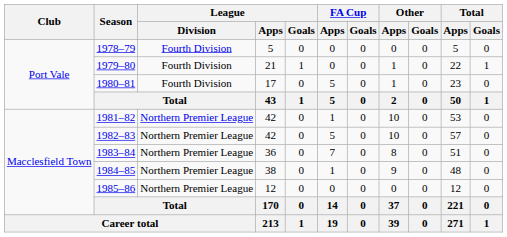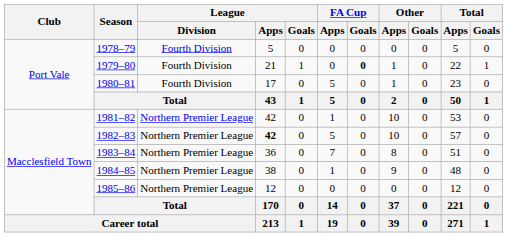 <table class="wikitable" style="text-align:center">
 <tr>
 <th rowspan="2">Club</th>
 <th rowspan="2">Season</th>
 <th colspan="3">League</th>
 <th colspan="2"><a href='#'>FA Cup</a></th>
 <th colspan="2">Other</th>
 <th colspan="2">Total</th>
 </tr>
 <tr>
 <th>Division</th>
 <th>Apps</th>
 <th>Goals</th>
 <th>Apps</th>
 <th>Goals</th>
 <th>Apps</th>
 <th>Goals</th>
 <th>Apps</th>
 <th>Goals</th>
 </tr>
 <tr>
 <td rowspan="4"><a href='#'>Port Vale</a></td>
 <td><a href='#'>1978–79</a></td>
 <td><a href='#'>Fourth Division</a></td>
 <td>5</td>
 <td>0</td>
 <td>0</td>
 <td>0</td>
 <td>0</td>
 <td>0</td>
 <td>5</td>
 <td>0</td>
 </tr>
 <tr>
 <td><a href='#'>1979–80</a></td>
 <td>Fourth Division</td>
 <td>21</td>
 <td>1</td>
 <td>0</td>
-<td>0</td>
+<td><strong>0</strong></td>
 <td>1</td>
 <td>0</td>
 <td>22</td>
 <td>1</td>
 </tr>
 <tr>
 <td><a href='#'>1980–81</a></td>
 <td>Fourth Division</td>
 <td>17</td>
 <td>0</td>
 <td>5</td>
 <td>0</td>
 <td>1</td>
 <td>0</td>
 <td>23</td>
 <td>0</td>
 </tr>
 <tr>
 <th colspan="2">Total</th>
 <th>43</th>
 <th>1</th>
 <th>5</th>
 <th>0</th>
 <th>2</th>
 <th>0</th>
 <th>50</th>
 <th>1</th>
 </tr>
 <tr>
 <td rowspan="6"><a href='#'>Macclesfield Town</a></td>
 <td><a href='#'>1981–82</a></td>
 <td><a href='#'>Northern Premier League</a></td>
 <td>42</td>
 <td>0</td>
 <td>1</td>
 <td>0</td>
 <td>10</td>
 <td>0</td>
 <td>53</td>
 <td>0</td>
 </tr>
 <tr>
 <td><a href='#'>1982–83</a></td>
 <td>Northern Premier League</td>
-<td>42</td>
+<td><strong>42</strong></td>
 <td>0</td>
 <td>5</td>
 <td>0</td>
 <td>10</td>
 <td>0</td>
 <td>57</td>
 <td>0</td>
 </tr>
 <tr>
 <td><a href='#'>1983–84</a></td>
 <td>Northern Premier League</td>
 <td>36</td>
 <td>0</td>
 <td>7</td>
 <td>0</td>
 <td>8</td>
 <td>0</td>
 <td>51</td>
 <td>0</td>
 </tr>
 <tr>
 <td><a href='#'>1984–85</a></td>
 <td>Northern Premier League</td>
 <td>38</td>
 <td>0</td>
 <td>1</td>
 <td>0</td>
 <td>9</td>
 <td>0</td>
 <td>48</td>
 <td>0</td>
 </tr>
 <tr>
 <td><a href='#'>1985–86</a></td>
 <td>Northern Premier League</td>
 <td>12</td>
 <td>0</td>
 <td>0</td>
 <td>0</td>
 <td>0</td>
 <td>0</td>
 <td>12</td>
 <td>0</td>
 </tr>
 <tr>
 <th colspan="2">Total</th>
 <th>170</th>
 <th>0</th>
 <th>14</th>
 <th>0</th>
 <th>37</th>
 <th>0</th>
 <th>221</th>
 <th>0</th>
 </tr>
 <tr>
 <th colspan="3">Career total</th>
 <th>213</th>
 <th>1</th>
 <th>19</th>
 <th>0</th>
 <th>39</th>
 <th>0</th>
 <th>271</th>
 <th>1</th>
 </tr>
 </table>
